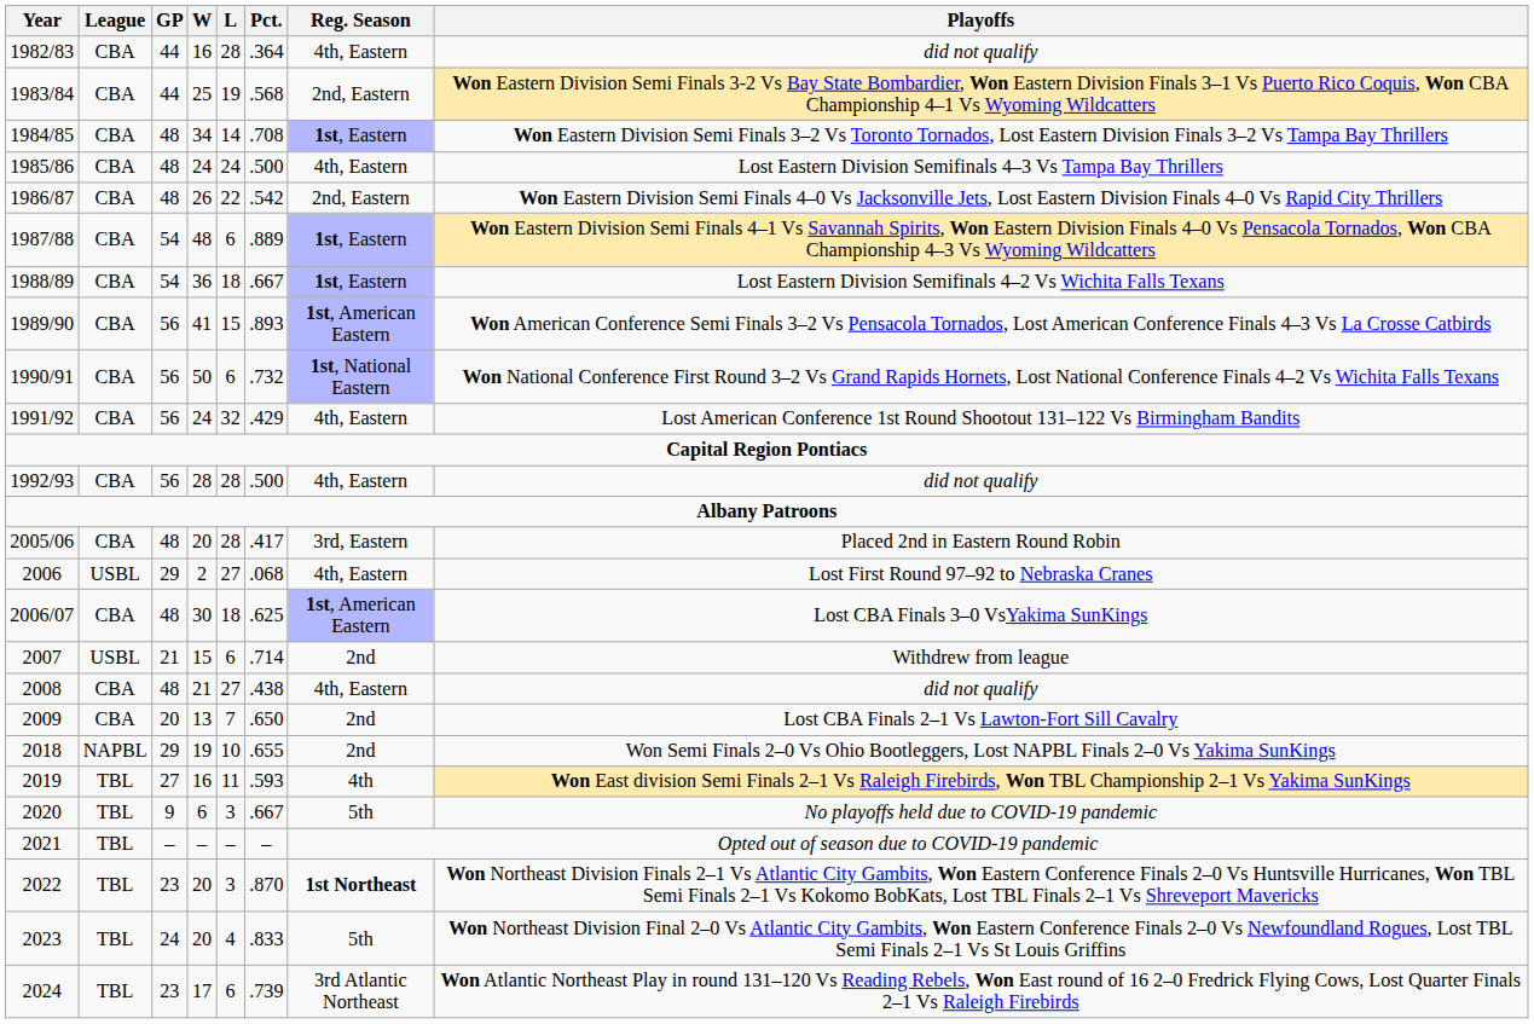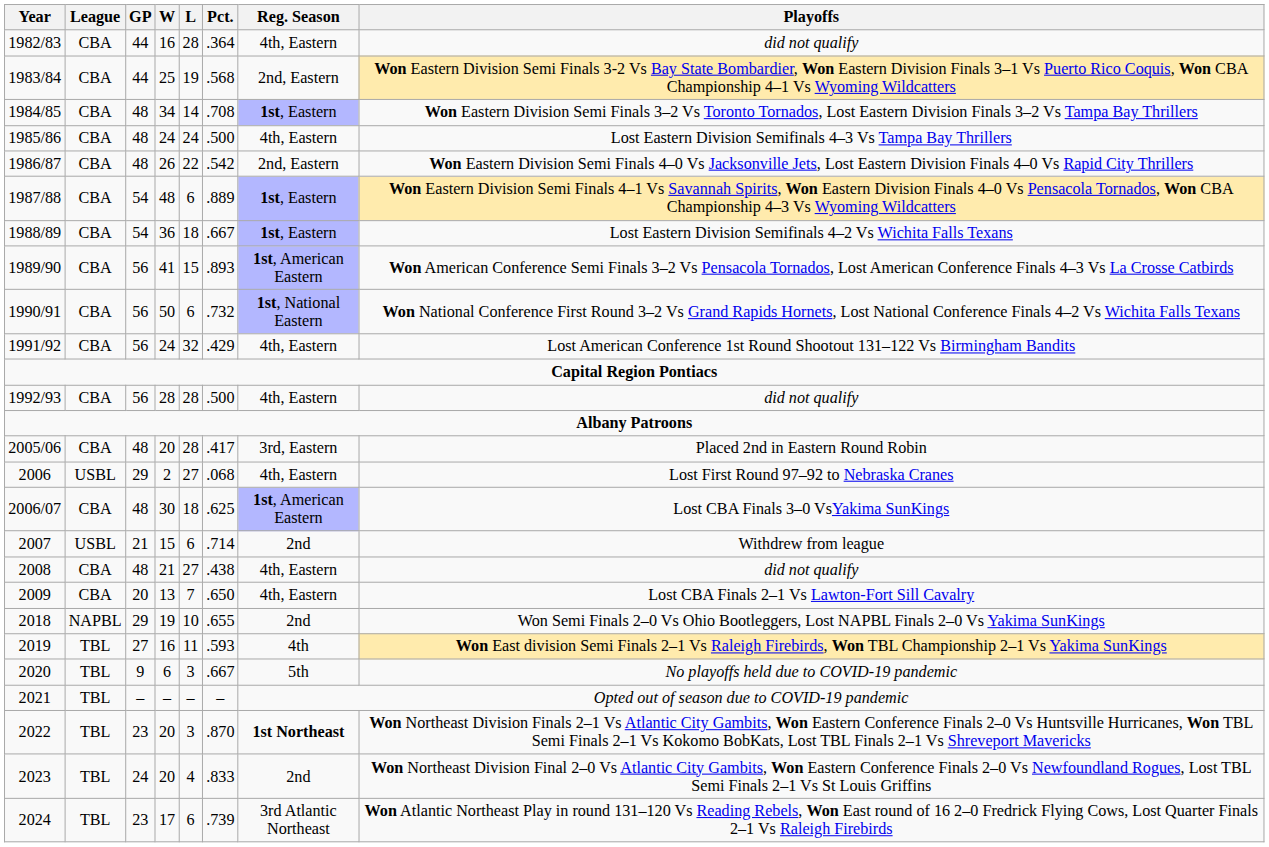 <table class="wikitable" style="text-align:center">
 <tr>
 <th>Year</th>
 <th>League</th>
 <th>GP</th>
 <th>W</th>
 <th>L</th>
 <th>Pct.</th>
 <th>Reg. Season</th>
 <th>Playoffs</th>
 </tr>
 <tr>
 <td>1982/83</td>
 <td>CBA</td>
 <td>44</td>
 <td>16</td>
 <td>28</td>
 <td>.364</td>
 <td>4th, Eastern</td>
 <td><em>did not qualify</em></td>
 </tr>
 <tr>
 <td>1983/84</td>
 <td>CBA</td>
 <td>44</td>
 <td>25</td>
 <td>19</td>
 <td>.568</td>
 <td>2nd, Eastern</td>
 <td bgcolor="FFEBAD"><strong>Won</strong> Eastern Division Semi Finals 3-2 Vs <a href='#'>Bay State Bombardier</a>, <strong>Won</strong> Eastern Division Finals 3–1 Vs <a href='#'>Puerto Rico Coquis</a>, <strong>Won</strong> CBA Championship 4–1 Vs <a href='#'>Wyoming Wildcatters</a></td>
 </tr>
 <tr>
 <td>1984/85</td>
 <td>CBA</td>
 <td>48</td>
 <td>34</td>
 <td>14</td>
 <td>.708</td>
 <td bgcolor="B3B7FF"><strong>1st</strong>, Eastern</td>
 <td><strong>Won</strong> Eastern Division Semi Finals 3–2 Vs <a href='#'>Toronto Tornados</a>, Lost Eastern Division Finals 3–2 Vs <a href='#'>Tampa Bay Thrillers</a></td>
 </tr>
 <tr>
 <td>1985/86</td>
 <td>CBA</td>
 <td>48</td>
 <td>24</td>
 <td>24</td>
 <td>.500</td>
 <td>4th, Eastern</td>
 <td>Lost Eastern Division Semifinals 4–3 Vs <a href='#'>Tampa Bay Thrillers</a></td>
 </tr>
 <tr>
 <td>1986/87</td>
 <td>CBA</td>
 <td>48</td>
 <td>26</td>
 <td>22</td>
 <td>.542</td>
 <td>2nd, Eastern</td>
 <td><strong>Won</strong> Eastern Division Semi Finals 4–0 Vs <a href='#'>Jacksonville Jets</a>, Lost Eastern Division Finals 4–0 Vs <a href='#'>Rapid City Thrillers</a></td>
 </tr>
 <tr>
 <td>1987/88</td>
 <td>CBA</td>
 <td>54</td>
 <td>48</td>
 <td>6</td>
 <td>.889</td>
 <td bgcolor="B3B7FF"><strong>1st</strong>, Eastern</td>
 <td bgcolor="FFEBAD"><strong>Won</strong> Eastern Division Semi Finals 4–1 Vs <a href='#'>Savannah Spirits</a>, <strong>Won</strong> Eastern Division Finals 4–0 Vs <a href='#'>Pensacola Tornados</a>, <strong>Won</strong> CBA Championship 4–3 Vs <a href='#'>Wyoming Wildcatters</a></td>
 </tr>
 <tr>
 <td>1988/89</td>
 <td>CBA</td>
 <td>54</td>
 <td>36</td>
 <td>18</td>
 <td>.667</td>
 <td bgcolor="B3B7FF"><strong>1st</strong>, Eastern</td>
 <td>Lost Eastern Division Semifinals 4–2 Vs <a href='#'>Wichita Falls Texans</a></td>
 </tr>
 <tr>
 <td>1989/90</td>
 <td>CBA</td>
 <td>56</td>
 <td>41</td>
 <td>15</td>
 <td>.893</td>
 <td bgcolor="B3B7FF"><strong>1st</strong>, American Eastern</td>
 <td><strong>Won</strong> American Conference Semi Finals 3–2 Vs <a href='#'>Pensacola Tornados</a>, Lost American Conference Finals 4–3 Vs <a href='#'>La Crosse Catbirds</a></td>
 </tr>
 <tr>
 <td>1990/91</td>
 <td>CBA</td>
 <td>56</td>
 <td>50</td>
 <td>6</td>
 <td>.732</td>
 <td bgcolor="B3B7FF"><strong>1st</strong>, National Eastern</td>
 <td><strong>Won</strong> National Conference First Round 3–2 Vs <a href='#'>Grand Rapids Hornets</a>,  Lost National Conference Finals 4–2 Vs <a href='#'>Wichita Falls Texans</a></td>
 </tr>
 <tr>
 <td>1991/92</td>
 <td>CBA</td>
 <td>56</td>
 <td>24</td>
 <td>32</td>
 <td>.429</td>
 <td>4th, Eastern</td>
 <td>Lost American Conference 1st Round Shootout 131–122 Vs <a href='#'>Birmingham Bandits</a></td>
 </tr>
 <tr>
 <td colspan="8" style="text-align:center;"><strong>Capital Region Pontiacs</strong></td>
 </tr>
 <tr>
 <td>1992/93</td>
 <td>CBA</td>
 <td>56</td>
 <td>28</td>
 <td>28</td>
 <td>.500</td>
 <td>4th, Eastern</td>
 <td><em>did not qualify</em></td>
 </tr>
 <tr>
 <td colspan="8" style="text-align:center;"><strong>Albany Patroons</strong></td>
 </tr>
 <tr>
 <td>2005/06</td>
 <td>CBA</td>
 <td>48</td>
 <td>20</td>
 <td>28</td>
 <td>.417</td>
 <td>3rd, Eastern</td>
 <td>Placed 2nd in Eastern Round Robin</td>
 </tr>
 <tr>
 <td>2006</td>
 <td>USBL</td>
 <td>29</td>
 <td>2</td>
 <td>27</td>
 <td>.068</td>
 <td>4th, Eastern</td>
 <td>Lost First Round 97–92 to <a href='#'>Nebraska Cranes</a></td>
 </tr>
 <tr>
 <td>2006/07</td>
 <td>CBA</td>
 <td>48</td>
 <td>30</td>
 <td>18</td>
 <td>.625</td>
 <td bgcolor="B3B7FF"><strong>1st</strong>, American Eastern</td>
 <td>Lost CBA Finals 3–0 Vs<a href='#'>Yakima SunKings</a></td>
 </tr>
 <tr>
 <td>2007</td>
 <td>USBL</td>
 <td>21</td>
 <td>15</td>
 <td>6</td>
 <td>.714</td>
 <td>2nd</td>
 <td>Withdrew from league</td>
 </tr>
 <tr>
 <td>2008</td>
 <td>CBA</td>
 <td>48</td>
 <td>21</td>
 <td>27</td>
 <td>.438</td>
 <td>4th, Eastern</td>
 <td><em>did not qualify</em></td>
 </tr>
 <tr>
 <td>2009</td>
 <td>CBA</td>
 <td>20</td>
 <td>13</td>
 <td>7</td>
 <td>.650</td>
-<td>2nd</td>
+<td>4th, Eastern</td>
 <td>Lost CBA Finals 2–1 Vs <a href='#'>Lawton-Fort Sill Cavalry</a></td>
 </tr>
 <tr>
 <td>2018</td>
 <td>NAPBL</td>
 <td>29</td>
 <td>19</td>
 <td>10</td>
 <td>.655</td>
 <td>2nd</td>
 <td>Won Semi Finals 2–0 Vs Ohio Bootleggers, Lost NAPBL Finals 2–0 Vs <a href='#'>Yakima SunKings</a></td>
 </tr>
 <tr>
 <td>2019</td>
 <td>TBL</td>
 <td>27</td>
 <td>16</td>
 <td>11</td>
 <td>.593</td>
 <td>4th</td>
 <td bgcolor="FFEBAD"><strong>Won</strong> East division Semi Finals 2–1 Vs <a href='#'>Raleigh Firebirds</a>, <strong>Won</strong> TBL Championship 2–1 Vs <a href='#'>Yakima SunKings</a></td>
 </tr>
 <tr>
 <td>2020</td>
 <td>TBL</td>
 <td>9</td>
 <td>6</td>
 <td>3</td>
 <td>.667</td>
 <td>5th</td>
 <td><em>No playoffs held due to COVID-19 pandemic</em></td>
 </tr>
 <tr>
 <td>2021</td>
 <td>TBL</td>
 <td>–</td>
 <td>–</td>
 <td>–</td>
 <td>–</td>
 <td colspan="2"><em>Opted out of season due to COVID-19 pandemic</em></td>
 </tr>
 <tr>
 <td>2022</td>
 <td>TBL</td>
 <td>23</td>
 <td>20</td>
 <td>3</td>
 <td>.870</td>
 <td><strong>1st Northeast</strong></td>
 <td><strong>Won</strong> Northeast Division Finals 2–1 Vs <a href='#'>Atlantic City Gambits</a>, <strong>Won</strong> Eastern Conference Finals 2–0 Vs Huntsville Hurricanes, <strong>Won</strong> TBL Semi Finals 2–1 Vs Kokomo BobKats, Lost TBL Finals 2–1 Vs <a href='#'>Shreveport Mavericks</a></td>
 </tr>
 <tr>
 <td>2023</td>
 <td>TBL</td>
 <td>24</td>
 <td>20</td>
 <td>4</td>
 <td>.833</td>
-<td>5th</td>
+<td>2nd</td>
 <td><strong>Won</strong> Northeast Division Final 2–0 Vs <a href='#'>Atlantic City Gambits</a>, <strong>Won</strong> Eastern Conference Finals 2–0 Vs <a href='#'>Newfoundland Rogues</a>, Lost TBL Semi Finals 2–1 Vs St Louis Griffins</td>
 </tr>
 <tr>
 <td>2024</td>
 <td>TBL</td>
 <td>23</td>
 <td>17</td>
 <td>6</td>
 <td>.739</td>
 <td>3rd Atlantic Northeast</td>
 <td><strong>Won</strong> Atlantic Northeast Play in round 131–120 Vs <a href='#'>Reading Rebels</a>, <strong>Won</strong> East round of 16 2–0 Fredrick Flying Cows, Lost Quarter Finals 2–1 Vs <a href='#'>Raleigh Firebirds</a></td>
 </tr>
 </table>
